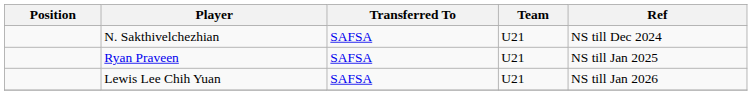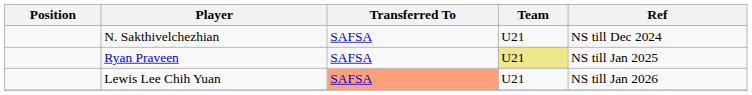 <table class="wikitable sortable" style="width:70%; text-align:center; font-size:100%; text-align:left;">
 <tr>
 <th>Position</th>
 <th>Player</th>
 <th>Transferred To</th>
 <th>Team</th>
 <th>Ref</th>
 </tr>
 <tr>
 <td></td>
 <td> N. Sakthivelchezhian</td>
 <td> <a href='#'>SAFSA</a></td>
 <td>U21</td>
 <td>NS till Dec 2024</td>
 </tr>
 <tr>
 <td></td>
 <td> <a href='#'>Ryan Praveen</a></td>
 <td> <a href='#'>SAFSA</a></td>
-<td>U21</td>
+<td style="background: khaki;">U21</td>
 <td>NS till Jan 2025</td>
 </tr>
 <tr>
 <td></td>
 <td> Lewis Lee Chih Yuan</td>
-<td> <a href='#'>SAFSA</a></td>
+<td style="background: lightsalmon;"> <a href='#'>SAFSA</a></td>
 <td>U21</td>
 <td>NS till Jan 2026</td>
 </tr>
 <tr>
 </tr>
 </table>
